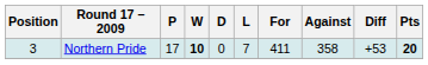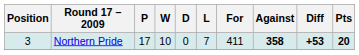 <table class="wikitable" style="text-align:center; font-size:85%;">
 <tr>
 <th width=40 abbr="Position">Position</th>
 <th width=100>Round 17 – 2009</th>
 <th width=20 abbr="Played">P</th>
 <th width=20 abbr="Won">W</th>
 <th width=20 abbr="Drawn">D</th>
 <th width=20 abbr="Lost">L</th>
 <th width=40 abbr="Points for">For</th>
 <th width=40 abbr="Points against">Against</th>
 <th width=40 abbr="Points difference">Diff</th>
 <th width=20 abbr="Points">Pts</th>
 </tr>
 <tr style="background: #d7ebed;">
 <td>3</td>
 <td style="text-align:left;"> <a href='#'>Northern Pride</a></td>
 <td>17</td>
-<td><strong>10</strong></td>
+<td>10</td>
 <td>0</td>
 <td>7</td>
 <td>411</td>
-<td>358</td>
-<td>+53</td>
+<td><strong>358</strong></td>
+<td><strong>+53</strong></td>
 <td><strong>20</strong></td>
 </tr>
 <tr>
 </tr>
 </table>
